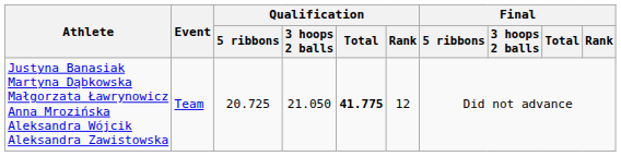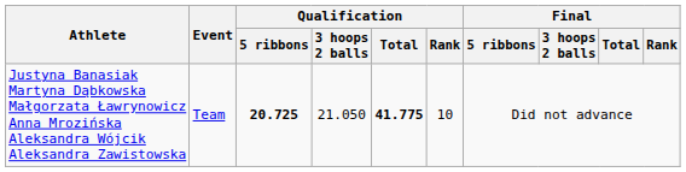 <table class="wikitable" style="font-size:90%">
 <tr>
 <th rowspan="2">Athlete</th>
 <th rowspan="2">Event</th>
 <th colspan="4">Qualification</th>
 <th colspan="4">Final</th>
 </tr>
 <tr style="font-size:95%">
 <th>5 ribbons</th>
 <th>3 hoops <br>2 balls</th>
 <th>Total</th>
 <th>Rank</th>
 <th>5 ribbons</th>
 <th>3 hoops <br>2 balls</th>
 <th>Total</th>
 <th>Rank</th>
 </tr>
 <tr align=center>
 <td align=left><a href='#'>Justyna Banasiak</a><br><a href='#'>Martyna Dąbkowska</a><br><a href='#'>Małgorzata Ławrynowicz</a><br><a href='#'>Anna Mrozińska</a><br><a href='#'>Aleksandra Wójcik</a><br><a href='#'>Aleksandra Zawistowska</a></td>
 <td align=left><a href='#'>Team</a></td>
-<td>20.725</td>
+<td><strong>20.725</strong></td>
 <td>21.050</td>
 <td><strong>41.775</strong></td>
-<td>12</td>
+<td>10</td>
 <td colspan=4>Did not advance</td>
 </tr>
 </table>
